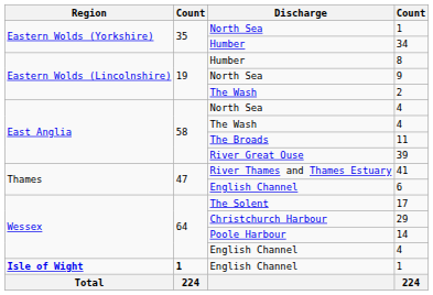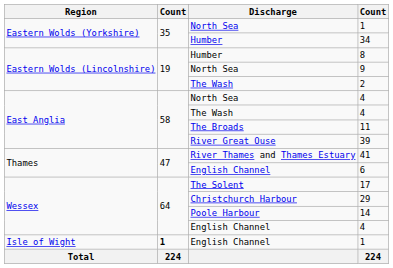 <table class=wikitable>
 <tr>
 <th>Region</th>
 <th>Count</th>
 <th>Discharge</th>
 <th>Count</th>
 </tr>
 <tr>
 <td rowspan=2><a href='#'>Eastern Wolds (Yorkshire)</a></td>
 <td rowspan=2>35</td>
 <td><a href='#'>North Sea</a></td>
 <td>1</td>
 </tr>
 <tr>
 <td><a href='#'>Humber</a></td>
 <td>34</td>
 </tr>
 <tr>
 <td rowspan=3><a href='#'>Eastern Wolds (Lincolnshire)</a></td>
 <td rowspan=3>19</td>
 <td>Humber</td>
 <td>8</td>
 </tr>
 <tr>
 <td>North Sea</td>
 <td>9</td>
 </tr>
 <tr>
 <td><a href='#'>The Wash</a></td>
 <td>2</td>
 </tr>
 <tr>
 <td rowspan=4><a href='#'>East Anglia</a></td>
 <td rowspan=4>58</td>
 <td>North Sea</td>
 <td>4</td>
 </tr>
 <tr>
 <td>The Wash</td>
 <td>4</td>
 </tr>
 <tr>
 <td><a href='#'>The Broads</a></td>
 <td>11</td>
 </tr>
 <tr>
 <td><a href='#'>River Great Ouse</a></td>
 <td>39</td>
 </tr>
 <tr>
 <td rowspan=2>Thames</td>
 <td rowspan=2>47</td>
 <td><a href='#'>River Thames</a> and <a href='#'>Thames Estuary</a></td>
 <td>41</td>
 </tr>
 <tr>
 <td><a href='#'>English Channel</a></td>
 <td>6</td>
 </tr>
 <tr>
 <td rowspan=4><a href='#'>Wessex</a></td>
 <td rowspan=4>64</td>
 <td><a href='#'>The Solent</a></td>
 <td>17</td>
 </tr>
 <tr>
 <td><a href='#'>Christchurch Harbour</a></td>
 <td>29</td>
 </tr>
 <tr>
 <td><a href='#'>Poole Harbour</a></td>
 <td>14</td>
 </tr>
 <tr>
 <td>English Channel</td>
 <td>4</td>
 </tr>
 <tr>
-<td><strong><a href='#'>Isle of Wight</a></strong></td>
+<td><a href='#'>Isle of Wight</a></td>
 <td><strong>1</strong></td>
 <td>English Channel</td>
 <td>1</td>
 </tr>
 <tr>
 <th>Total</th>
 <th>224</th>
 <th></th>
 <th>224</th>
 </tr>
 </table>
